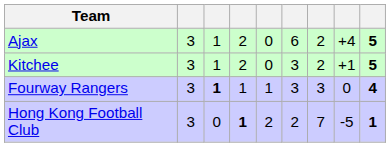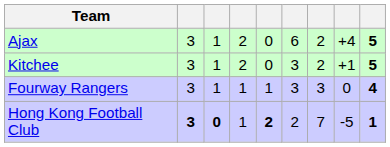 <table class="wikitable" style="text-align:center;">
 <tr>
 <th width=175>Team</th>
 <th width=20></th>
 <th width=20></th>
 <th width=20></th>
 <th width=20></th>
 <th width=20></th>
 <th width=20></th>
 <th width=20></th>
 <th width=20></th>
 </tr>
 <tr bgcolor="#ccffcc">
 <td align="left"><a href='#'>Ajax</a></td>
 <td>3</td>
 <td>1</td>
 <td>2</td>
 <td>0</td>
 <td>6</td>
 <td>2</td>
 <td>+4</td>
 <td><strong>5</strong></td>
 </tr>
 <tr bgcolor="#ccffcc">
 <td align="left"><a href='#'>Kitchee</a></td>
 <td>3</td>
 <td>1</td>
 <td>2</td>
 <td>0</td>
 <td>3</td>
 <td>2</td>
 <td>+1</td>
 <td><strong>5</strong></td>
 </tr>
 <tr bgcolor="#ccccff">
 <td align="left"><a href='#'>Fourway Rangers</a></td>
 <td>3</td>
-<td><strong>1</strong></td>
+<td>1</td>
 <td>1</td>
 <td>1</td>
 <td>3</td>
 <td>3</td>
 <td>0</td>
 <td><strong>4</strong></td>
 </tr>
 <tr bgcolor="#ccccff">
 <td align="left"><a href='#'>Hong Kong Football Club</a></td>
-<td>3</td>
-<td>0</td>
-<td><strong>1</strong></td>
-<td>2</td>
+<td><strong>3</strong></td>
+<td><strong>0</strong></td>
+<td>1</td>
+<td><strong>2</strong></td>
 <td>2</td>
 <td>7</td>
 <td>-5</td>
 <td><strong>1</strong></td>
 </tr>
 </table>
